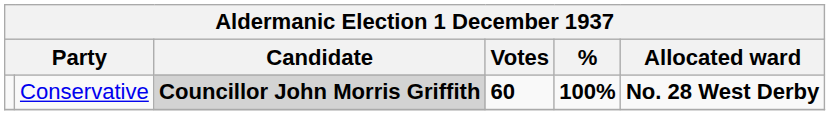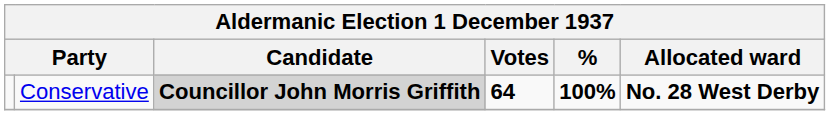 <table class="wikitable">
 <tr>
 <th colspan="6"><strong>Aldermanic Election 1 December 1937</strong></th>
 </tr>
 <tr>
 <th colspan="2">Party</th>
 <th>Candidate</th>
 <th>Votes</th>
 <th>%</th>
 <th>Allocated ward</th>
 </tr>
 <tr>
 <td style="background-color:"></td>
 <td><a href='#'>Conservative</a></td>
 <td style="background: lightgrey;"><strong>Councillor John Morris Griffith</strong></td>
-<td><strong>60</strong></td>
+<td><strong>64</strong></td>
 <td><strong>100%</strong></td>
 <td><strong>No. 28 West Derby</strong></td>
 </tr>
 <tr>
 </tr>
 </table>
